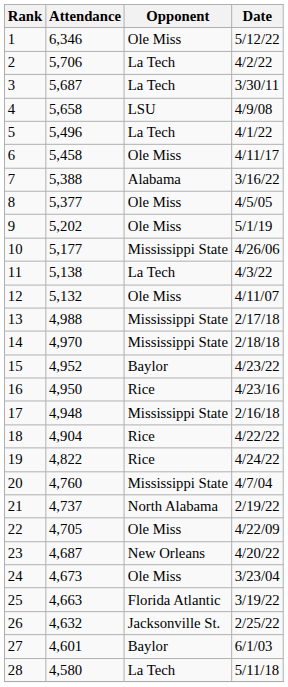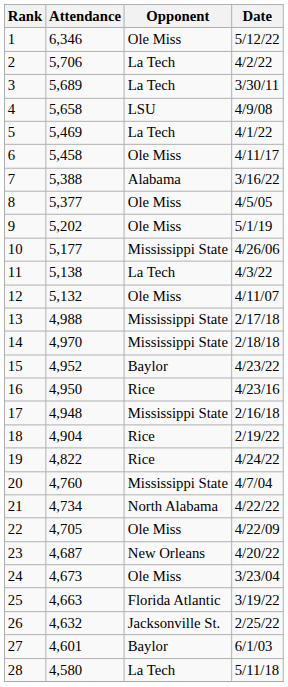 <table class="wikitable" border="1">
 <tr>
 <th>Rank</th>
 <th>Attendance</th>
 <th>Opponent</th>
 <th>Date</th>
 </tr>
 <tr>
 <td>1</td>
 <td>6,346</td>
 <td>Ole Miss</td>
 <td>5/12/22</td>
 </tr>
 <tr>
 <td>2</td>
 <td>5,706</td>
 <td>La Tech</td>
 <td>4/2/22</td>
 </tr>
 <tr>
 <td>3</td>
-<td>5,687</td>
+<td>5,689</td>
 <td>La Tech</td>
 <td>3/30/11</td>
 </tr>
 <tr>
 <td>4</td>
 <td>5,658</td>
 <td>LSU</td>
 <td>4/9/08</td>
 </tr>
 <tr>
 <td>5</td>
-<td>5,496</td>
+<td>5,469</td>
 <td>La Tech</td>
 <td>4/1/22</td>
 </tr>
 <tr>
 <td>6</td>
 <td>5,458</td>
 <td>Ole Miss</td>
 <td>4/11/17</td>
 </tr>
 <tr>
 <td>7</td>
 <td>5,388</td>
 <td>Alabama</td>
 <td>3/16/22</td>
 </tr>
 <tr>
 <td>8</td>
 <td>5,377</td>
 <td>Ole Miss</td>
 <td>4/5/05</td>
 </tr>
 <tr>
 <td>9</td>
 <td>5,202</td>
 <td>Ole Miss</td>
 <td>5/1/19</td>
 </tr>
 <tr>
 <td>10</td>
 <td>5,177</td>
 <td>Mississippi State</td>
 <td>4/26/06</td>
 </tr>
 <tr>
 <td>11</td>
 <td>5,138</td>
 <td>La Tech</td>
 <td>4/3/22</td>
 </tr>
 <tr>
 <td>12</td>
 <td>5,132</td>
 <td>Ole Miss</td>
 <td>4/11/07</td>
 </tr>
 <tr>
 <td>13</td>
 <td>4,988</td>
 <td>Mississippi State</td>
 <td>2/17/18</td>
 </tr>
 <tr>
 <td>14</td>
 <td>4,970</td>
 <td>Mississippi State</td>
 <td>2/18/18</td>
 </tr>
 <tr>
 <td>15</td>
 <td>4,952</td>
 <td>Baylor</td>
 <td>4/23/22</td>
 </tr>
 <tr>
 <td>16</td>
 <td>4,950</td>
 <td>Rice</td>
 <td>4/23/16</td>
 </tr>
 <tr>
 <td>17</td>
 <td>4,948</td>
 <td>Mississippi State</td>
 <td>2/16/18</td>
 </tr>
 <tr>
 <td>18</td>
 <td>4,904</td>
 <td>Rice</td>
-<td>4/22/22</td>
+<td>2/19/22</td>
 </tr>
 <tr>
 <td>19</td>
 <td>4,822</td>
 <td>Rice</td>
 <td>4/24/22</td>
 </tr>
 <tr>
 <td>20</td>
 <td>4,760</td>
 <td>Mississippi State</td>
 <td>4/7/04</td>
 </tr>
 <tr>
 <td>21</td>
-<td>4,737</td>
+<td>4,734</td>
 <td>North Alabama</td>
-<td>2/19/22</td>
+<td>4/22/22</td>
 </tr>
 <tr>
 <td>22</td>
 <td>4,705</td>
 <td>Ole Miss</td>
 <td>4/22/09</td>
 </tr>
 <tr>
 <td>23</td>
 <td>4,687</td>
 <td>New Orleans</td>
 <td>4/20/22</td>
 </tr>
 <tr>
 <td>24</td>
 <td>4,673</td>
 <td>Ole Miss</td>
 <td>3/23/04</td>
 </tr>
 <tr>
 <td>25</td>
 <td>4,663</td>
 <td>Florida Atlantic</td>
 <td>3/19/22</td>
 </tr>
 <tr>
 <td>26</td>
 <td>4,632</td>
 <td>Jacksonville St.</td>
 <td>2/25/22</td>
 </tr>
 <tr>
 <td>27</td>
 <td>4,601</td>
 <td>Baylor</td>
 <td>6/1/03</td>
 </tr>
 <tr>
 <td>28</td>
 <td>4,580</td>
 <td>La Tech</td>
 <td>5/11/18</td>
 </tr>
 <tr>
 </tr>
 </table>
